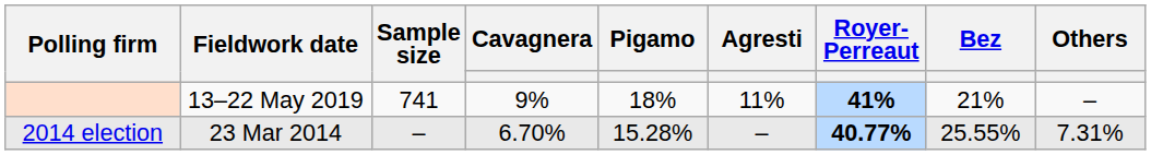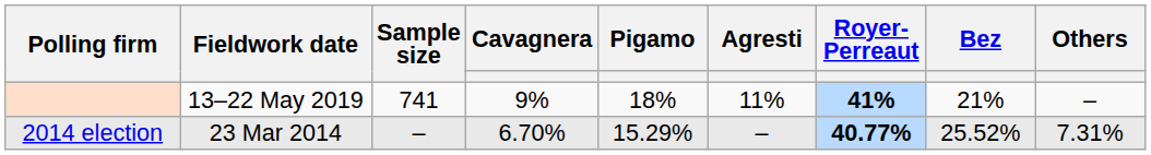 <table class="wikitable sortable" style="text-align:center;font-size:90%;line-height:14px;">
 <tr style="height:40px;">
 <th style="width:100px;" rowspan="2">Polling firm</th>
 <th style="width:110px;" rowspan="2">Fieldwork date</th>
 <th style="width:35px;" rowspan="2">Sample<br>size</th>
 <th class="unsortable" style="width:60px;">Cavagnera<br></th>
 <th class="unsortable" style="width:60px;">Pigamo<br></th>
 <th class="unsortable" style="width:60px;">Agresti<br></th>
 <th class="unsortable" style="width:60px;"><a href='#'>Royer-Perreaut</a><br></th>
 <th class="unsortable" style="width:60px;"><a href='#'>Bez</a><br></th>
 <th class="unsortable" style="width:60px;">Others</th>
 </tr>
 <tr>
 <th style="background:"></th>
 <th style="background:"></th>
 <th style="background:"></th>
 <th style="background:"></th>
 <th style="background:"></th>
 <th style="background:"></th>
 </tr>
 <tr>
 <td style="background:#FFDFCC;"></td>
 <td data-sort-value="2019-05-22">13–22 May 2019</td>
 <td>741</td>
 <td>9%</td>
 <td>18%</td>
 <td>11%</td>
 <td style="background:#B9DAFF;"><strong>41%</strong></td>
 <td>21%</td>
 <td>–</td>
 </tr>
 <tr style="background:#E9E9E9;">
 <td><a href='#'>2014 election</a></td>
 <td data-sort-value="2014-03-23">23 Mar 2014</td>
 <td>–</td>
 <td>6.70%</td>
-<td>15.28%</td>
+<td>15.29%</td>
 <td>–</td>
 <td style="background:#B9DAFF;"><strong>40.77%</strong></td>
-<td>25.55%</td>
+<td>25.52%</td>
 <td>7.31%</td>
 </tr>
 </table>
